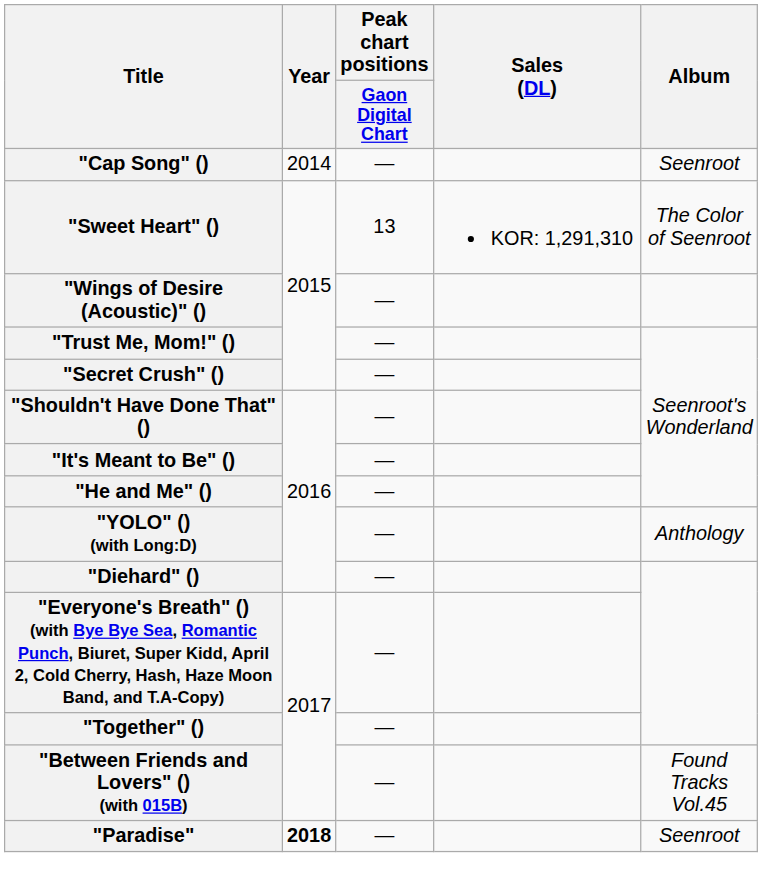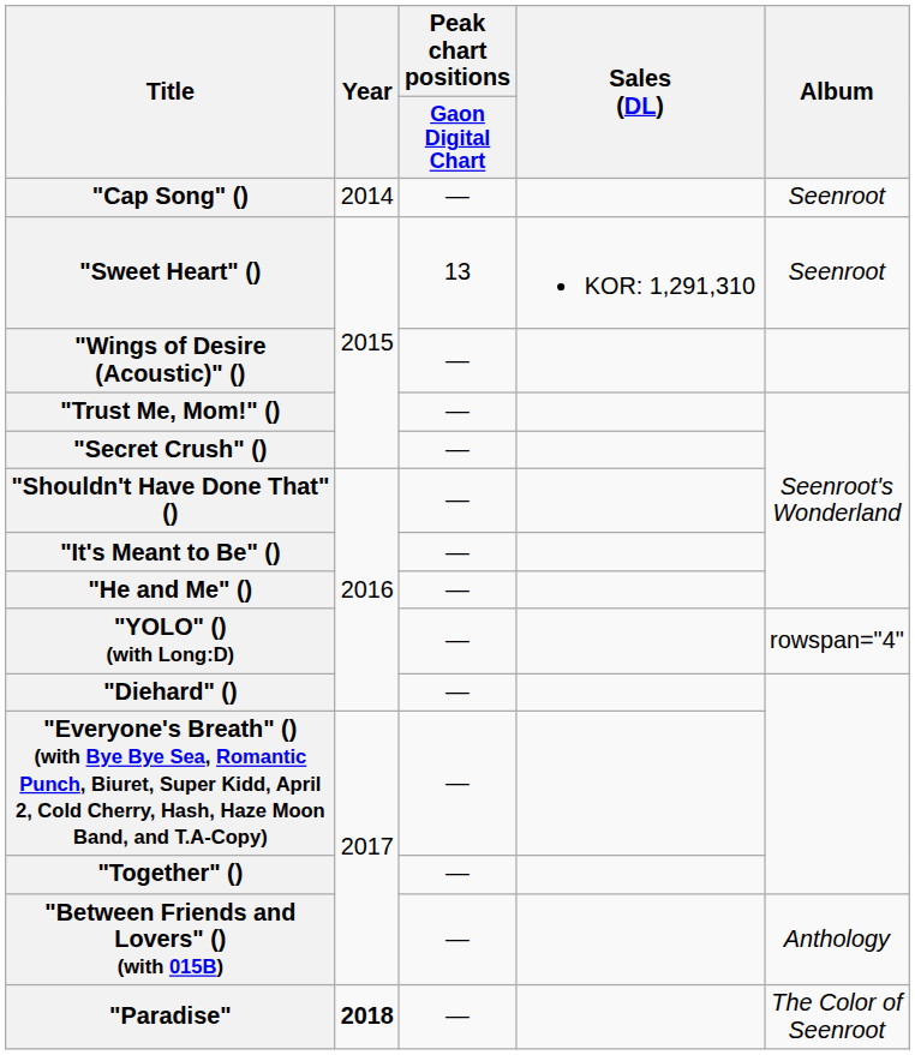 <table class="wikitable plainrowheaders" style="text-align:center;" border="1">
 <tr>
 <th scope="col" rowspan="2" style="width:16em;">Title</th>
 <th scope="col" rowspan="2">Year</th>
 <th scope="col">Peak chart positions</th>
 <th scope="col" rowspan="2" style="width:11em;">Sales<br>(<a href='#'>DL</a>)</th>
 <th scope="col" rowspan="2">Album</th>
 </tr>
 <tr>
 <th scope="col" style="width:3em;font-size:90%;"><a href='#'>Gaon Digital Chart</a><br></th>
 </tr>
 <tr>
 <th scope="row">"Cap Song" ()</th>
 <td>2014</td>
 <td>—</td>
 <td></td>
 <td><em>Seenroot</em></td>
 </tr>
 <tr>
 <th scope="row">"Sweet Heart" ()</th>
 <td rowspan="4">2015</td>
 <td>13</td>
 <td><br><ul><li>KOR: 1,291,310</li></ul></td>
-<td><em>The Color of Seenroot</em></td>
+<td><em>Seenroot</em></td>
 </tr>
 <tr>
 <th scope="row">"Wings of Desire (Acoustic)" ()</th>
 <td>—</td>
 <td></td>
 <td></td>
 </tr>
 <tr>
 <th scope="row">"Trust Me, Mom!" ()</th>
 <td>—</td>
 <td></td>
 <td rowspan="5"><em>Seenroot's Wonderland</em></td>
 </tr>
 <tr>
 <th scope="row">"Secret Crush" ()</th>
 <td>—</td>
 <td></td>
 </tr>
 <tr>
 <th scope="row">"Shouldn't Have Done That" ()</th>
 <td rowspan="5">2016</td>
 <td>—</td>
 <td></td>
 </tr>
 <tr>
 <th scope="row">"It's Meant to Be" ()</th>
 <td>—</td>
 <td></td>
 </tr>
 <tr>
 <th scope="row">"He and Me" ()</th>
 <td>—</td>
 <td></td>
 </tr>
 <tr>
 <th scope="row">"YOLO" ()<br><small>(with Long:D)</small></th>
 <td>—</td>
 <td></td>
-<td><em>Anthology</em></td>
+<td>rowspan="4" </td>
 </tr>
 <tr>
 <th scope="row">"Diehard" ()</th>
 <td>—</td>
 <td></td>
 </tr>
 <tr>
 <th scope="row">"Everyone's Breath" ()<br><small>(with <a href='#'>Bye Bye Sea</a>, <a href='#'>Romantic Punch</a>, Biuret, Super Kidd, April 2, Cold Cherry, Hash, Haze Moon Band, and T.A-Copy)</small></th>
 <td rowspan="3">2017</td>
 <td>—</td>
 <td></td>
 </tr>
 <tr>
 <th scope="row">"Together" ()</th>
 <td>—</td>
 <td></td>
 </tr>
 <tr>
 <th scope="row">"Between Friends and Lovers" ()<br><small>(with <a href='#'>015B</a>)</small></th>
 <td>—</td>
 <td></td>
-<td><em>Found Tracks Vol.45</em></td>
+<td><em>Anthology</em></td>
 </tr>
 <tr>
 <th scope="row">"Paradise"</th>
 <td><strong>2018</strong></td>
 <td>—</td>
 <td></td>
-<td><em>Seenroot</em></td>
+<td><em>The Color of Seenroot</em></td>
 </tr>
 </table>
